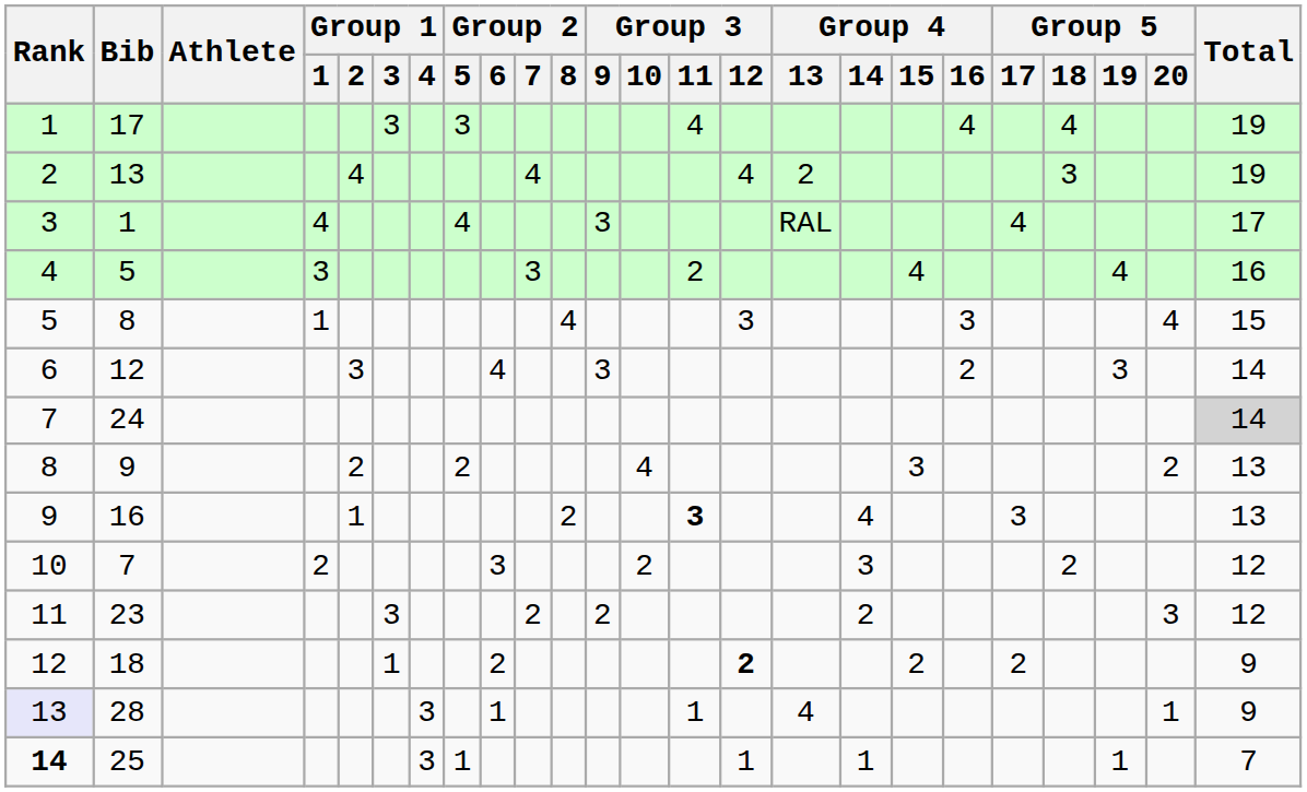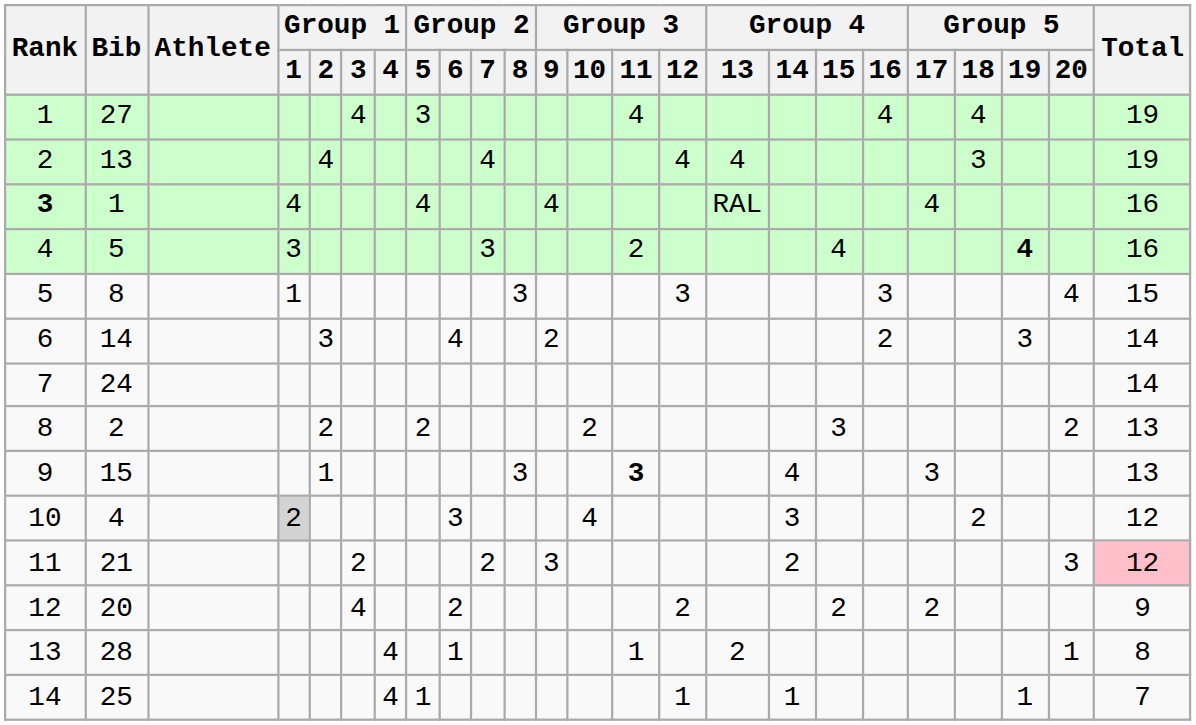 <table class="wikitable" style="text-align:center; font-size:95%">
 <tr>
 <th rowspan=2>Rank</th>
 <th rowspan=2>Bib</th>
 <th rowspan=2>Athlete</th>
 <th colspan=4>Group 1</th>
 <th colspan=4>Group 2</th>
 <th colspan=4>Group 3</th>
 <th colspan=4>Group 4</th>
 <th colspan=4>Group 5</th>
 <th rowspan=2>Total</th>
 </tr>
 <tr>
 <th>1</th>
 <th>2</th>
 <th>3</th>
 <th>4</th>
 <th>5</th>
 <th>6</th>
 <th>7</th>
 <th>8</th>
 <th>9</th>
 <th>10</th>
 <th>11</th>
 <th>12</th>
 <th>13</th>
 <th>14</th>
 <th>15</th>
 <th>16</th>
 <th>17</th>
 <th>18</th>
 <th>19</th>
 <th>20</th>
 </tr>
 <tr bgcolor=ccffcc>
 <td>1</td>
-<td>17</td>
+<td>27</td>
 <td align=left></td>
 <td></td>
 <td></td>
-<td>3</td>
+<td>4</td>
 <td></td>
 <td>3</td>
 <td></td>
 <td></td>
 <td></td>
 <td></td>
 <td></td>
 <td>4</td>
 <td></td>
 <td></td>
 <td></td>
 <td></td>
 <td>4</td>
 <td></td>
 <td>4</td>
 <td></td>
 <td></td>
 <td>19</td>
 </tr>
 <tr bgcolor=ccffcc>
 <td>2</td>
 <td>13</td>
 <td align=left></td>
 <td></td>
 <td>4</td>
 <td></td>
 <td></td>
 <td></td>
 <td></td>
 <td>4</td>
 <td></td>
 <td></td>
 <td></td>
 <td></td>
 <td>4</td>
-<td>2</td>
+<td>4</td>
 <td></td>
 <td></td>
 <td></td>
 <td></td>
 <td>3</td>
 <td></td>
 <td></td>
 <td>19</td>
 </tr>
 <tr bgcolor=ccffcc>
-<td>3</td>
+<td><strong>3</strong></td>
 <td>1</td>
 <td align=left></td>
 <td>4</td>
 <td></td>
 <td></td>
 <td></td>
 <td>4</td>
 <td></td>
 <td></td>
 <td></td>
-<td>3</td>
+<td>4</td>
 <td></td>
 <td></td>
 <td></td>
 <td>RAL</td>
 <td></td>
 <td></td>
 <td></td>
 <td>4</td>
 <td></td>
 <td></td>
 <td></td>
-<td>17</td>
+<td>16</td>
 </tr>
 <tr bgcolor=ccffcc>
 <td>4</td>
 <td>5</td>
 <td align=left></td>
 <td>3</td>
 <td></td>
 <td></td>
 <td></td>
 <td></td>
 <td></td>
 <td>3</td>
 <td></td>
 <td></td>
 <td></td>
 <td>2</td>
 <td></td>
 <td></td>
 <td></td>
 <td>4</td>
 <td></td>
 <td></td>
 <td></td>
-<td>4</td>
+<td><strong>4</strong></td>
 <td></td>
 <td>16</td>
 </tr>
 <tr>
 <td>5</td>
 <td>8</td>
 <td align=left></td>
 <td>1</td>
 <td></td>
 <td></td>
 <td></td>
 <td></td>
 <td></td>
 <td></td>
-<td>4</td>
+<td>3</td>
 <td></td>
 <td></td>
 <td></td>
 <td>3</td>
 <td></td>
 <td></td>
 <td></td>
 <td>3</td>
 <td></td>
 <td></td>
 <td></td>
 <td>4</td>
 <td>15</td>
 </tr>
 <tr>
 <td>6</td>
-<td>12</td>
+<td>14</td>
 <td align=left></td>
 <td></td>
 <td>3</td>
 <td></td>
 <td></td>
 <td></td>
 <td>4</td>
 <td></td>
 <td></td>
-<td>3</td>
+<td>2</td>
 <td></td>
 <td></td>
 <td></td>
 <td></td>
 <td></td>
 <td></td>
 <td>2</td>
 <td></td>
 <td></td>
 <td>3</td>
 <td></td>
 <td>14</td>
 </tr>
 <tr>
 <td>7</td>
 <td>24</td>
 <td align=left></td>
 <td></td>
 <td></td>
 <td></td>
 <td></td>
 <td></td>
 <td></td>
 <td></td>
 <td></td>
 <td></td>
 <td></td>
 <td></td>
 <td></td>
 <td></td>
 <td></td>
 <td></td>
 <td></td>
 <td></td>
 <td></td>
 <td></td>
 <td></td>
-<td style="background: lightgrey;">14</td>
+<td>14</td>
 </tr>
 <tr>
 <td>8</td>
-<td>9</td>
+<td>2</td>
 <td align=left></td>
 <td></td>
 <td>2</td>
 <td></td>
 <td></td>
 <td>2</td>
 <td></td>
 <td></td>
 <td></td>
 <td></td>
-<td>4</td>
+<td>2</td>
 <td></td>
 <td></td>
 <td></td>
 <td></td>
 <td>3</td>
 <td></td>
 <td></td>
 <td></td>
 <td></td>
 <td>2</td>
 <td>13</td>
 </tr>
 <tr>
 <td>9</td>
-<td>16</td>
+<td>15</td>
 <td align=left></td>
 <td></td>
 <td>1</td>
 <td></td>
 <td></td>
 <td></td>
 <td></td>
 <td></td>
-<td>2</td>
+<td>3</td>
 <td></td>
 <td></td>
 <td><strong>3</strong></td>
 <td></td>
 <td></td>
 <td>4</td>
 <td></td>
 <td></td>
 <td>3</td>
 <td></td>
 <td></td>
 <td></td>
 <td>13</td>
 </tr>
 <tr>
 <td>10</td>
-<td>7</td>
+<td>4</td>
 <td align=left></td>
-<td>2</td>
+<td style="background: lightgrey;">2</td>
 <td></td>
 <td></td>
 <td></td>
 <td></td>
 <td>3</td>
 <td></td>
 <td></td>
 <td></td>
-<td>2</td>
+<td>4</td>
 <td></td>
 <td></td>
 <td></td>
 <td>3</td>
 <td></td>
 <td></td>
 <td></td>
 <td>2</td>
 <td></td>
 <td></td>
 <td>12</td>
 </tr>
 <tr>
 <td>11</td>
-<td>23</td>
+<td>21</td>
 <td align=left></td>
 <td></td>
 <td></td>
-<td>3</td>
+<td>2</td>
 <td></td>
 <td></td>
 <td></td>
 <td>2</td>
 <td></td>
-<td>2</td>
+<td>3</td>
 <td></td>
 <td></td>
 <td></td>
 <td></td>
 <td>2</td>
 <td></td>
 <td></td>
 <td></td>
 <td></td>
 <td></td>
 <td>3</td>
-<td>12</td>
+<td style="background: pink;">12</td>
 </tr>
 <tr>
 <td>12</td>
-<td>18</td>
+<td>20</td>
 <td align=left></td>
 <td></td>
 <td></td>
-<td>1</td>
+<td>4</td>
 <td></td>
 <td></td>
 <td>2</td>
 <td></td>
 <td></td>
 <td></td>
 <td></td>
 <td></td>
-<td><strong>2</strong></td>
+<td>2</td>
 <td></td>
 <td></td>
 <td>2</td>
 <td></td>
 <td>2</td>
 <td></td>
 <td></td>
 <td></td>
 <td>9</td>
 </tr>
 <tr>
-<td style="background: lavender;">13</td>
+<td>13</td>
 <td>28</td>
 <td align=left></td>
 <td></td>
 <td></td>
 <td></td>
-<td>3</td>
+<td>4</td>
 <td></td>
 <td>1</td>
 <td></td>
 <td></td>
 <td></td>
 <td></td>
 <td>1</td>
 <td></td>
-<td>4</td>
+<td>2</td>
 <td></td>
 <td></td>
 <td></td>
 <td></td>
 <td></td>
 <td></td>
 <td>1</td>
-<td>9</td>
+<td>8</td>
 </tr>
 <tr>
-<td><strong>14</strong></td>
+<td>14</td>
 <td>25</td>
 <td align=left></td>
 <td></td>
 <td></td>
 <td></td>
-<td>3</td>
+<td>4</td>
 <td>1</td>
 <td></td>
 <td></td>
 <td></td>
 <td></td>
 <td></td>
 <td></td>
 <td>1</td>
 <td></td>
 <td>1</td>
 <td></td>
 <td></td>
 <td></td>
 <td></td>
 <td>1</td>
 <td></td>
 <td>7</td>
 </tr>
 </table>
